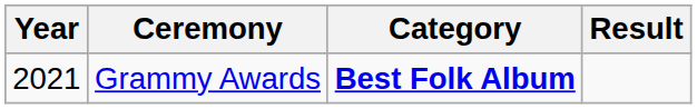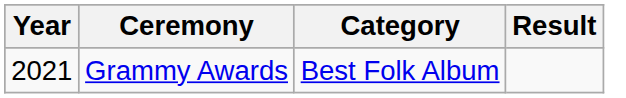 <table class="wikitable">
 <tr>
 <th>Year</th>
 <th>Ceremony</th>
 <th>Category</th>
 <th>Result</th>
 </tr>
 <tr>
 <td rowspan="3">2021</td>
 <td rowspan="2"><a href='#'>Grammy Awards</a></td>
-<td><strong><a href='#'>Best Folk Album</a></strong></td>
+<td><a href='#'>Best Folk Album</a></td>
 <td></td>
 </tr>
 </table>
